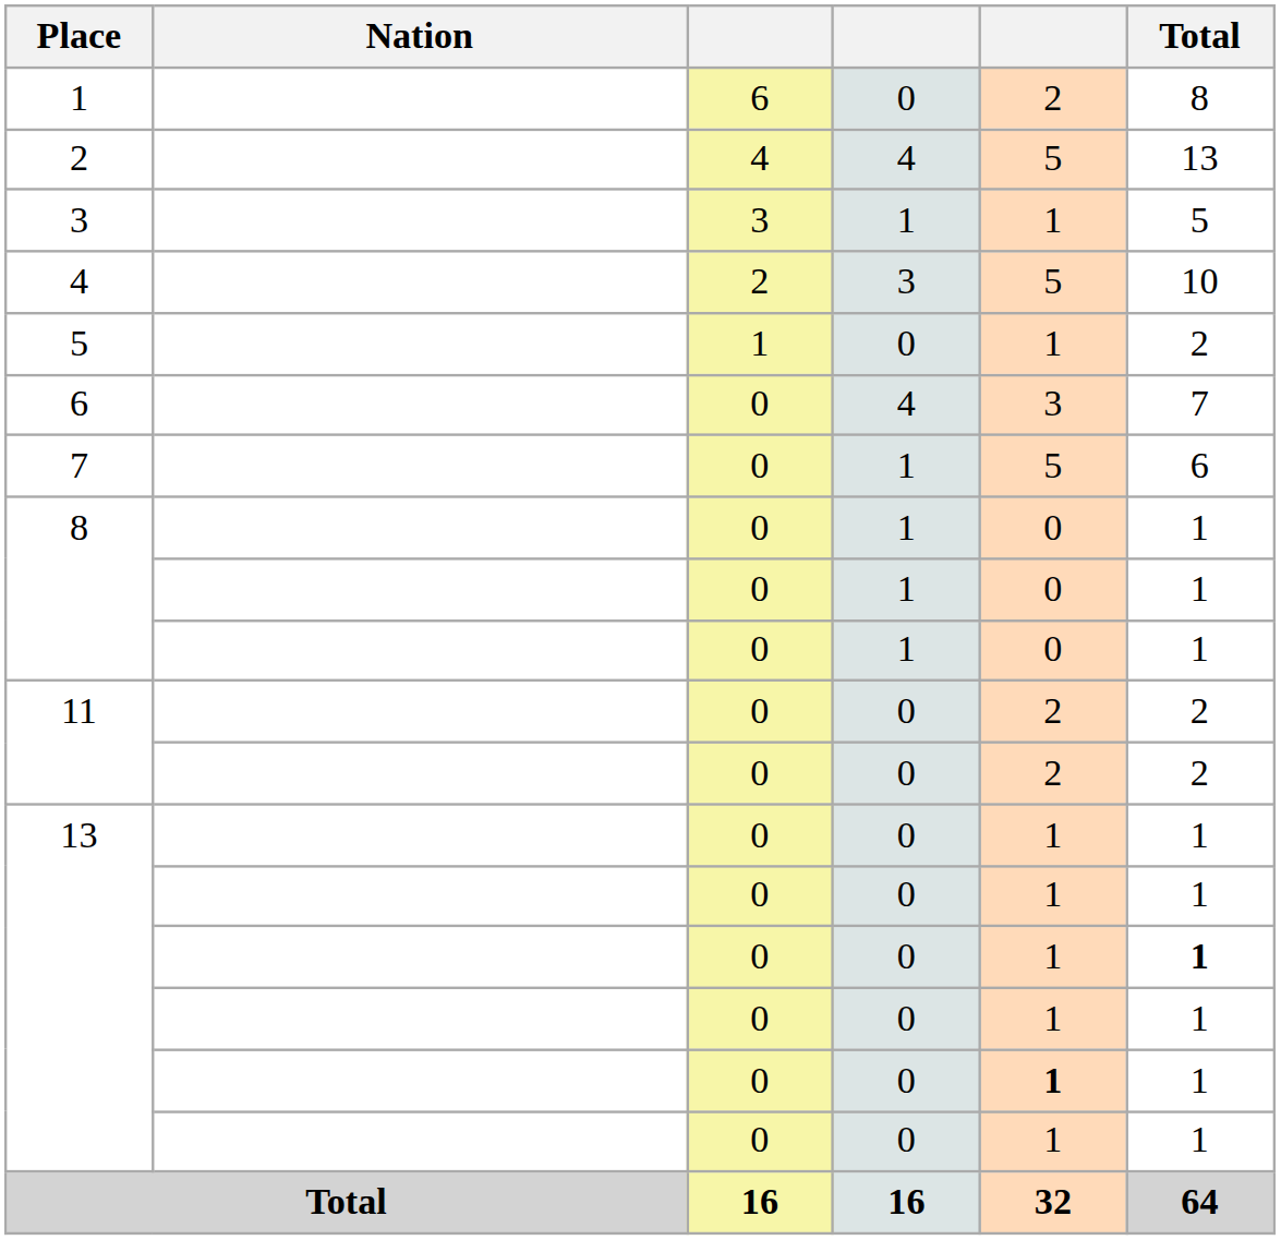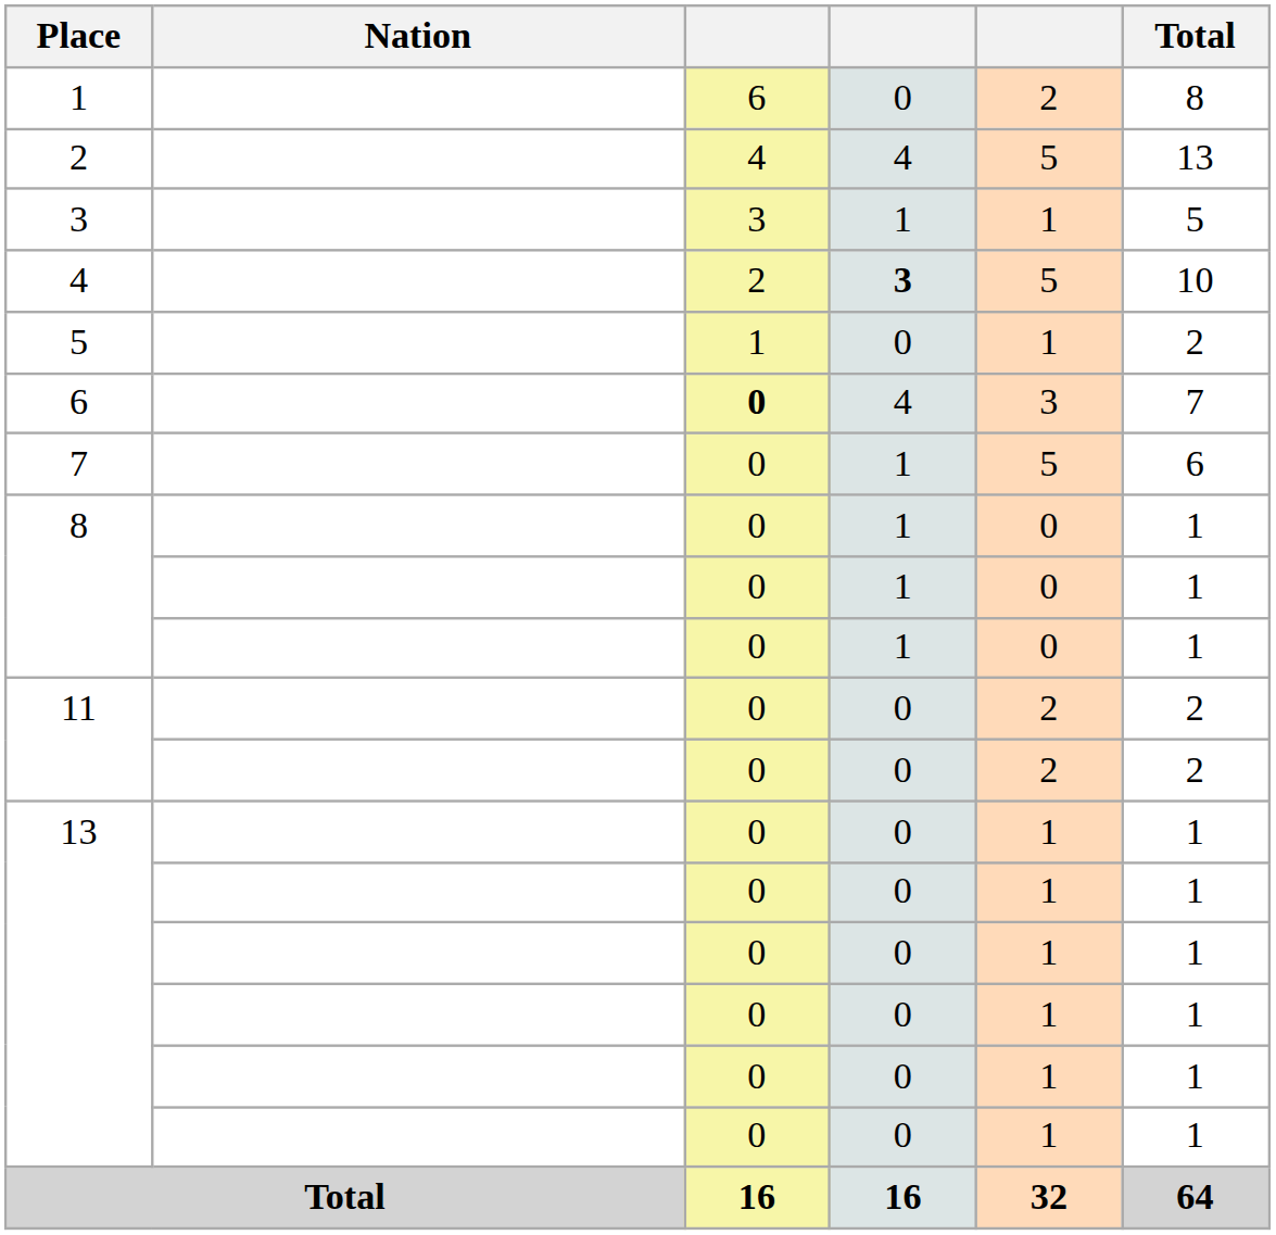 <table class=wikitable style="border:1px solid #AAAAAA;font-size:90%">
 <tr bgcolor="#EFEFEF">
 <th width=50>Place</th>
 <th width=200>Nation</th>
 <th width=50></th>
 <th width=50></th>
 <th width=50></th>
 <th width=50>Total</th>
 </tr>
 <tr align="center" valign="top" bgcolor="#FFFFFF">
 <td>1</td>
 <td align="left"></td>
 <td style="background:#F7F6A8;">6</td>
 <td style="background:#DCE5E5;">0</td>
 <td style="background:#FFDAB9;">2</td>
 <td>8</td>
 </tr>
 <tr align="center" valign="top" bgcolor="#FFFFFF">
 <td>2</td>
 <td align="left"></td>
 <td style="background:#F7F6A8;">4</td>
 <td style="background:#DCE5E5;">4</td>
 <td style="background:#FFDAB9;">5</td>
 <td>13</td>
 </tr>
 <tr align="center" valign="top" bgcolor="#FFFFFF">
 <td>3</td>
 <td align="left"></td>
 <td style="background:#F7F6A8;">3</td>
 <td style="background:#DCE5E5;">1</td>
 <td style="background:#FFDAB9;">1</td>
 <td>5</td>
 </tr>
 <tr align="center" valign="top" bgcolor="#FFFFFF">
 <td>4</td>
 <td align="left"></td>
 <td style="background:#F7F6A8;">2</td>
-<td style="background:#DCE5E5;">3</td>
+<td style="background:#DCE5E5;"><strong>3</strong></td>
 <td style="background:#FFDAB9;">5</td>
 <td>10</td>
 </tr>
 <tr align="center" valign="top" bgcolor="#FFFFFF">
 <td>5</td>
 <td align="left"></td>
 <td style="background:#F7F6A8;">1</td>
 <td style="background:#DCE5E5;">0</td>
 <td style="background:#FFDAB9;">1</td>
 <td>2</td>
 </tr>
 <tr align="center" valign="top" bgcolor="#FFFFFF">
 <td>6</td>
 <td align="left"></td>
-<td style="background:#F7F6A8;">0</td>
+<td style="background:#F7F6A8;"><strong>0</strong></td>
 <td style="background:#DCE5E5;">4</td>
 <td style="background:#FFDAB9;">3</td>
 <td>7</td>
 </tr>
 <tr align="center" valign="top" bgcolor="#FFFFFF">
 <td>7</td>
 <td align="left"></td>
 <td style="background:#F7F6A8;">0</td>
 <td style="background:#DCE5E5;">1</td>
 <td style="background:#FFDAB9;">5</td>
 <td>6</td>
 </tr>
 <tr align="center" valign="top" bgcolor="#FFFFFF">
 <td rowspan="3" valign="center">8</td>
 <td align="left"></td>
 <td style="background:#F7F6A8;">0</td>
 <td style="background:#DCE5E5;">1</td>
 <td style="background:#FFDAB9;">0</td>
 <td>1</td>
 </tr>
 <tr align="center" valign="top" bgcolor="#FFFFFF">
 <td align="left"></td>
 <td style="background:#F7F6A8;">0</td>
 <td style="background:#DCE5E5;">1</td>
 <td style="background:#FFDAB9;">0</td>
 <td>1</td>
 </tr>
 <tr align="center" valign="top" bgcolor="#FFFFFF">
 <td align="left"></td>
 <td style="background:#F7F6A8;">0</td>
 <td style="background:#DCE5E5;">1</td>
 <td style="background:#FFDAB9;">0</td>
 <td>1</td>
 </tr>
 <tr align="center" valign="top" bgcolor="#FFFFFF">
 <td rowspan="2" valign="center">11</td>
 <td align="left"></td>
 <td style="background:#F7F6A8;">0</td>
 <td style="background:#DCE5E5;">0</td>
 <td style="background:#FFDAB9;">2</td>
 <td>2</td>
 </tr>
 <tr align="center" valign="top" bgcolor="#FFFFFF">
 <td align="left"></td>
 <td style="background:#F7F6A8;">0</td>
 <td style="background:#DCE5E5;">0</td>
 <td style="background:#FFDAB9;">2</td>
 <td>2</td>
 </tr>
 <tr align="center" valign="top" bgcolor="#FFFFFF">
 <td rowspan="6" valign="center">13</td>
 <td align="left"></td>
 <td style="background:#F7F6A8;">0</td>
 <td style="background:#DCE5E5;">0</td>
 <td style="background:#FFDAB9;">1</td>
 <td>1</td>
 </tr>
 <tr align="center" valign="top" bgcolor="#FFFFFF">
 <td align="left"></td>
 <td style="background:#F7F6A8;">0</td>
 <td style="background:#DCE5E5;">0</td>
 <td style="background:#FFDAB9;">1</td>
 <td>1</td>
 </tr>
 <tr align="center" valign="top" bgcolor="#FFFFFF">
 <td align="left"></td>
 <td style="background:#F7F6A8;">0</td>
 <td style="background:#DCE5E5;">0</td>
 <td style="background:#FFDAB9;">1</td>
-<td><strong>1</strong></td>
+<td>1</td>
 </tr>
 <tr align="center" valign="top" bgcolor="#FFFFFF">
 <td align="left"></td>
 <td style="background:#F7F6A8;">0</td>
 <td style="background:#DCE5E5;">0</td>
 <td style="background:#FFDAB9;">1</td>
 <td>1</td>
 </tr>
 <tr align="center" valign="top" bgcolor="#FFFFFF">
 <td align="left"></td>
 <td style="background:#F7F6A8;">0</td>
 <td style="background:#DCE5E5;">0</td>
-<td style="background:#FFDAB9;"><strong>1</strong></td>
+<td style="background:#FFDAB9;">1</td>
 <td>1</td>
 </tr>
 <tr align="center" valign="top" bgcolor="#FFFFFF">
 <td align="left"></td>
 <td style="background:#F7F6A8;">0</td>
 <td style="background:#DCE5E5;">0</td>
 <td style="background:#FFDAB9;">1</td>
 <td>1</td>
 </tr>
 <tr align="center">
 <td colspan="2" bgcolor=D3D3D3><strong>Total</strong></td>
 <td style="background:#F7F6A8;"><strong>16</strong></td>
 <td style="background:#DCE5E5;"><strong>16</strong></td>
 <td style="background:#FFDAB9;"><strong>32</strong></td>
 <td bgcolor=D3D3D3><strong>64</strong></td>
 </tr>
 </table>
